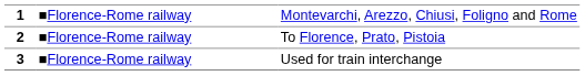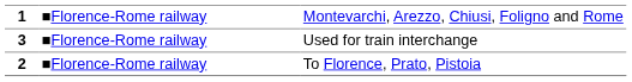 <table border="1" cellspacing="0" cellpadding="3" cellspacing="4" frame="hsides" rules="rows" style="margin-top:.4em; text-">
 <tr>
 <th style="width:30px" rowspan=1>1</th>
 <td style="width:270px"><span>■</span><a href='#'>Florence-Rome railway</a></td>
 <td><a href='#'>Montevarchi</a>, <a href='#'>Arezzo</a>, <a href='#'>Chiusi</a>, <a href='#'>Foligno</a> and <a href='#'>Rome</a></td>
 </tr>
 <tr>
+<th style="width:30px" rowspan=1>3</th>
+<td style="width:270px"><span>■</span><a href='#'>Florence-Rome railway</a></td>
+<td>Used for train interchange</td>
+</tr>
+<tr>
 <th style="width:30px" rowspan=1>2</th>
 <td style="width:270px"><span>■</span><a href='#'>Florence-Rome railway</a></td>
 <td>To <a href='#'>Florence</a>, <a href='#'>Prato</a>, <a href='#'>Pistoia</a></td>
 </tr>
 <tr>
-<th style="width:30px" rowspan=1>3</th>
-<td style="width:270px"><span>■</span><a href='#'>Florence-Rome railway</a></td>
-<td>Used for train interchange</td>
-</tr>
-<tr>
 </tr>
 </table>
